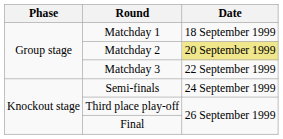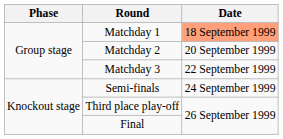 <table class="wikitable" style="text-align:center">
 <tr>
 <th>Phase</th>
 <th>Round</th>
 <th>Date</th>
 </tr>
 <tr>
 <td rowspan="3">Group stage</td>
 <td>Matchday 1</td>
-<td>18 September 1999</td>
+<td style="background: lightsalmon;">18 September 1999</td>
 </tr>
 <tr>
 <td>Matchday 2</td>
-<td style="background: khaki;">20 September 1999</td>
+<td>20 September 1999</td>
 </tr>
 <tr>
 <td>Matchday 3</td>
 <td>22 September 1999</td>
 </tr>
 <tr>
 <td rowspan="3">Knockout stage</td>
 <td>Semi-finals</td>
 <td>24 September 1999</td>
 </tr>
 <tr>
 <td>Third place play-off</td>
 <td rowspan="2">26 September 1999</td>
 </tr>
 <tr>
 <td>Final</td>
 </tr>
 </table>
